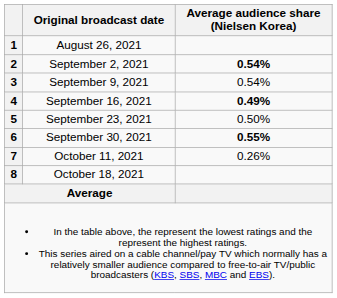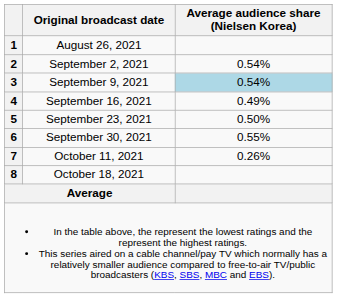 <table class="wikitable" style="width:450px; text-align:center">
 <tr>
 <th scope="col"></th>
 <th scope="col">Original broadcast date</th>
 <th scope="col" style="width:13em">Average audience share<br>(Nielsen Korea)</th>
 </tr>
 <tr>
 <th scope="col">1</th>
 <td>August 26, 2021</td>
 <td><strong></strong> </td>
 </tr>
 <tr>
 <th scope="col">2</th>
 <td>September 2, 2021</td>
-<td><strong>0.54% </strong></td>
+<td>0.54% </td>
 </tr>
 <tr>
 <th scope="col">3</th>
 <td>September 9, 2021</td>
-<td>0.54% </td>
+<td style="background: lightblue;">0.54% </td>
 </tr>
 <tr>
 <th scope="col">4</th>
 <td>September 16, 2021</td>
-<td><strong>0.49% </strong></td>
+<td>0.49% </td>
 </tr>
 <tr>
 <th scope="col">5</th>
 <td>September 23, 2021</td>
 <td>0.50% </td>
 </tr>
 <tr>
 <th scope="col">6</th>
 <td>September 30, 2021</td>
-<td><strong>0.55% </strong></td>
+<td>0.55% </td>
 </tr>
 <tr>
 <th scope="col">7</th>
 <td>October 11, 2021</td>
 <td>0.26% </td>
 </tr>
 <tr>
 <th scope="col">8</th>
 <td>October 18, 2021</td>
 <td><strong></strong> </td>
 </tr>
 <tr>
 <th scope="col" colspan="2">Average</th>
 <th scope="col"></th>
 </tr>
 <tr>
 <td colspan="3" style="font-size:85%"><br><ul><li>In the table above, the <strong></strong> represent the lowest ratings and the <strong></strong> represent the highest ratings.</li><li>This series aired on a cable channel/pay TV which normally has a relatively smaller audience compared to free-to-air TV/public broadcasters (<a href='#'>KBS</a>, <a href='#'>SBS</a>, <a href='#'>MBC</a> and <a href='#'>EBS</a>).</li></ul></td>
 </tr>
 </table>
